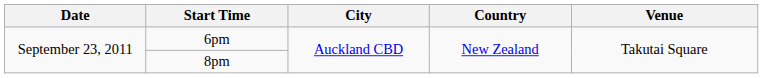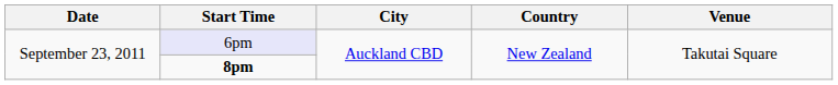 <table class="wikitable" style="text-align:center;">
 <tr>
 <th width="150">Date</th>
 <th width="150">Start Time</th>
 <th width="150">City</th>
 <th width="150">Country</th>
 <th width="200">Venue</th>
 </tr>
 <tr>
 <td rowspan="2">September 23, 2011</td>
-<td>6pm</td>
+<td style="background: lavender;">6pm</td>
 <td rowspan="2"><a href='#'>Auckland CBD</a></td>
 <td rowspan="2"><a href='#'>New Zealand</a></td>
 <td rowspan="2">Takutai Square</td>
 </tr>
 <tr>
-<td>8pm</td>
+<td><strong>8pm</strong></td>
 </tr>
 </table>
